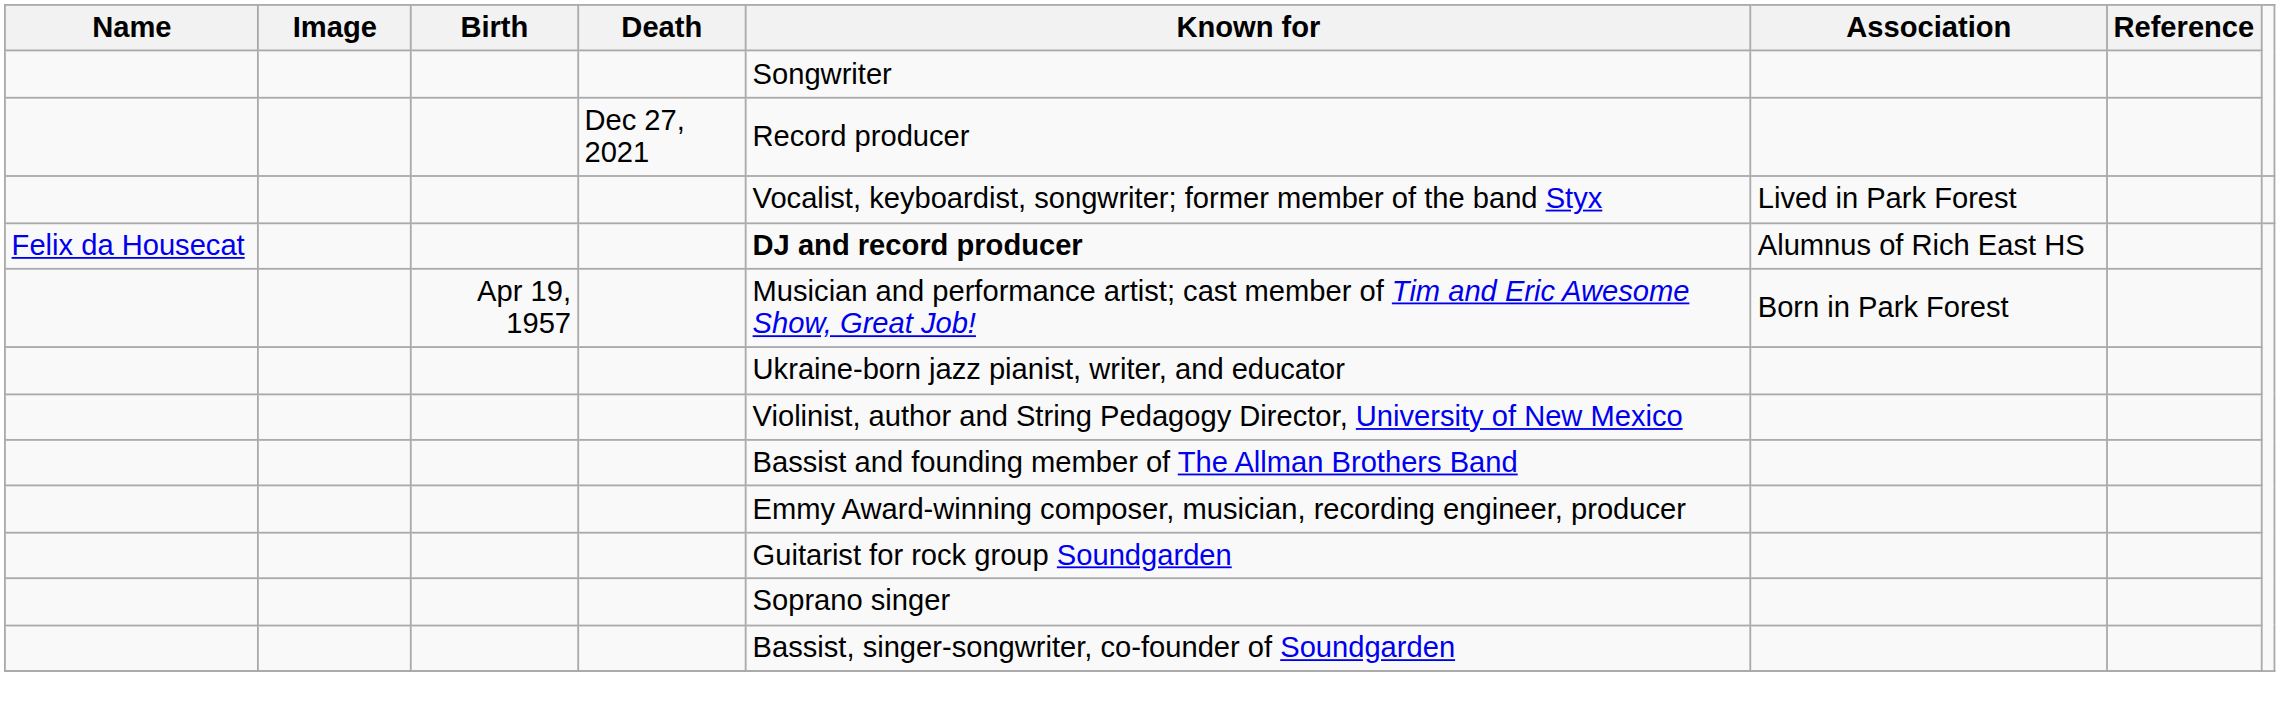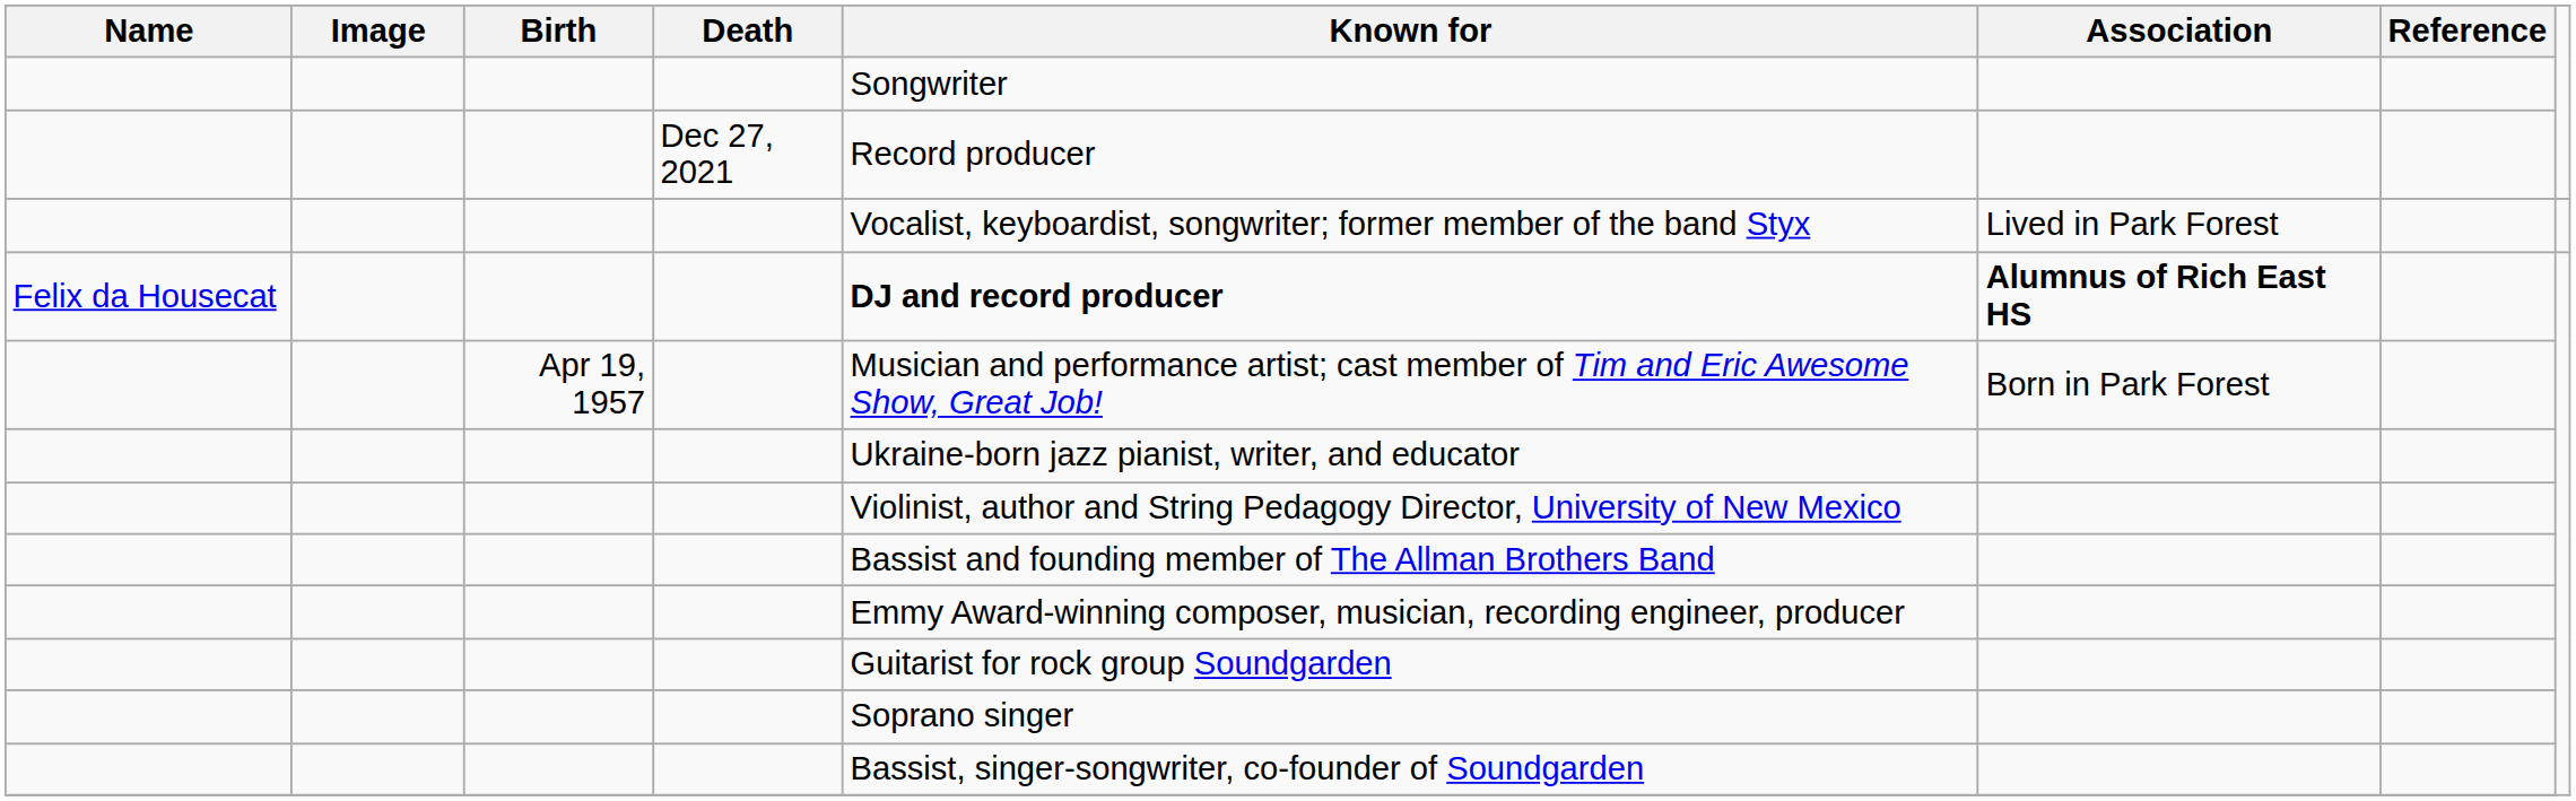 <table class="wikitable sortable">
 <tr>
 <th scope="col" width="140">Name</th>
 <th scope="col" width="80" class="unsortable">Image</th>
 <th scope="col" width="90">Birth</th>
 <th scope="col" width="90">Death</th>
 <th scope="col" width="600" class="unsortable">Known for</th>
 <th scope="col" width="200" class="unsortable">Association</th>
 <th scope="col" width="30" class="unsortable">Reference</th>
 </tr>
 <tr>
 <td></td>
 <td></td>
 <td align=right></td>
 <td align=right></td>
 <td>Songwriter</td>
 <td></td>
 <td align="center"></td>
 </tr>
 <tr>
 <td></td>
 <td></td>
 <td align=right></td>
 <td>Dec 27, 2021</td>
 <td>Record producer</td>
 <td></td>
 <td align="center"></td>
 </tr>
 <tr>
 <td></td>
 <td></td>
 <td align=right></td>
 <td></td>
 <td>Vocalist, keyboardist, songwriter; former member of the band <a href='#'>Styx</a></td>
 <td>Lived in Park Forest</td>
 <td></td>
 <td align="center"></td>
 </tr>
 <tr>
 <td><a href='#'>Felix da Housecat</a></td>
 <td></td>
 <td align=right></td>
 <td></td>
 <td><strong>DJ and record producer</strong></td>
-<td>Alumnus of Rich East HS</td>
+<td><strong>Alumnus of Rich East HS</strong></td>
 <td align="center"></td>
 </tr>
 <tr>
 <td></td>
 <td></td>
 <td align=right>Apr 19, 1957</td>
 <td></td>
 <td>Musician and performance artist; cast member of <em><a href='#'>Tim and Eric Awesome Show, Great Job!</a></em></td>
 <td>Born in Park Forest</td>
 <td align="center"></td>
 </tr>
 <tr>
 <td></td>
 <td></td>
 <td align=right></td>
 <td align=right></td>
 <td>Ukraine-born jazz pianist, writer, and educator</td>
 <td></td>
 <td align="center"></td>
 </tr>
 <tr>
 <td></td>
 <td></td>
 <td></td>
 <td></td>
 <td>Violinist, author and String Pedagogy Director, <a href='#'>University of New Mexico</a></td>
 <td></td>
 <td align="center"></td>
 </tr>
 <tr>
 <td></td>
 <td></td>
 <td align=right></td>
 <td align=right></td>
 <td>Bassist and founding member of <a href='#'>The Allman Brothers Band</a></td>
 <td></td>
 <td align="center"></td>
 </tr>
 <tr>
 <td></td>
 <td></td>
 <td align=right></td>
 <td></td>
 <td>Emmy Award-winning composer, musician, recording engineer, producer</td>
 <td></td>
 <td align="center"></td>
 </tr>
 <tr>
 <td></td>
 <td></td>
 <td align=right></td>
 <td></td>
 <td>Guitarist for rock group <a href='#'>Soundgarden</a></td>
 <td></td>
 <td align="center"></td>
 </tr>
 <tr>
 <td></td>
 <td></td>
 <td align=right></td>
 <td></td>
 <td>Soprano singer</td>
 <td></td>
 <td align="center"></td>
 </tr>
 <tr>
 <td></td>
 <td></td>
 <td align=right></td>
 <td></td>
 <td>Bassist, singer-songwriter, co-founder of <a href='#'>Soundgarden</a></td>
 <td></td>
 <td align="center"></td>
 </tr>
 <tr>
 </tr>
 </table>
